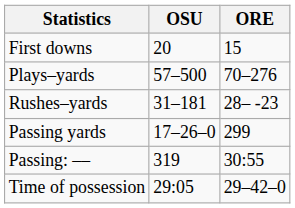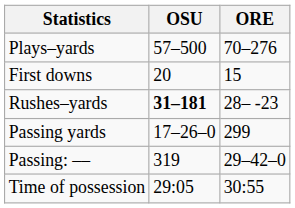 <table class="wikitable" style="float:left">
 <tr>
 <th>Statistics</th>
 <th>OSU</th>
 <th>ORE</th>
 </tr>
 <tr>
+<td>Plays–yards</td>
+<td>57–500</td>
+<td>70–276</td>
+</tr>
+<tr>
 <td>First downs</td>
 <td>20</td>
 <td>15</td>
 </tr>
 <tr>
-<td>Plays–yards</td>
-<td>57–500</td>
-<td>70–276</td>
-</tr>
-<tr>
 <td>Rushes–yards</td>
-<td>31–181</td>
+<td><strong>31–181</strong></td>
 <td>28– -23</td>
 </tr>
 <tr>
 <td>Passing yards</td>
 <td>17–26–0</td>
 <td>299</td>
 </tr>
 <tr>
 <td>Passing: ––</td>
 <td>319</td>
-<td>30:55</td>
+<td>29–42–0</td>
 </tr>
 <tr>
 <td>Time of possession</td>
 <td>29:05</td>
-<td>29–42–0</td>
+<td>30:55</td>
 </tr>
 </table>
